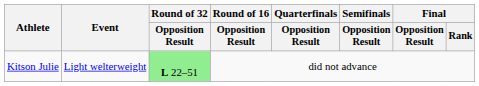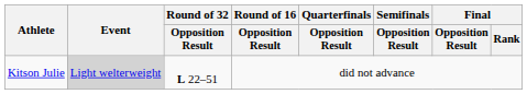 <table class="wikitable" style="font-size:90%">
 <tr>
 <th rowspan="2">Athlete</th>
 <th rowspan="2">Event</th>
 <th>Round of 32</th>
 <th>Round of 16</th>
 <th>Quarterfinals</th>
 <th>Semifinals</th>
 <th colspan=2>Final</th>
 </tr>
 <tr style="font-size:95%">
 <th>Opposition<br>Result</th>
 <th>Opposition<br>Result</th>
 <th>Opposition<br>Result</th>
 <th>Opposition<br>Result</th>
 <th>Opposition<br>Result</th>
 <th>Rank</th>
 </tr>
 <tr align=center>
 <td align=left><a href='#'>Kitson Julie</a></td>
-<td align=left><a href='#'>Light welterweight</a></td>
-<td style="background: lightgreen;"><br><strong>L</strong> 22–51</td>
+<td align=left style="background: lightgrey;"><a href='#'>Light welterweight</a></td>
+<td><br><strong>L</strong> 22–51</td>
 <td colspan=5>did not advance</td>
 </tr>
 </table>
